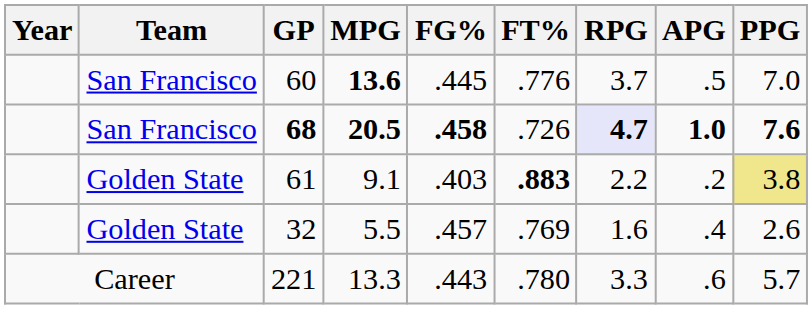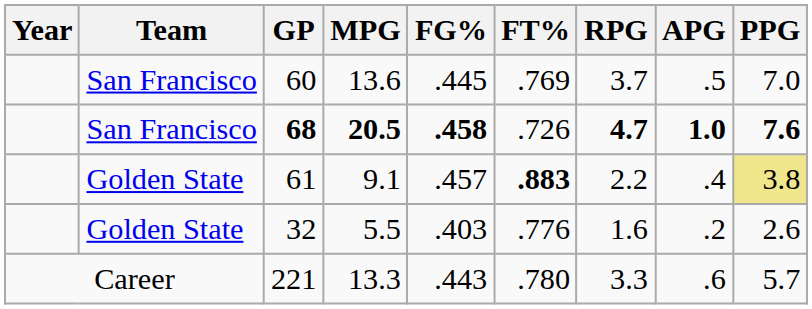 <table class="wikitable sortable" style="font-size:95%; text-align:right;">
 <tr>
 <th>Year</th>
 <th>Team</th>
 <th>GP</th>
 <th>MPG</th>
 <th>FG%</th>
 <th>FT%</th>
 <th>RPG</th>
 <th>APG</th>
 <th>PPG</th>
 </tr>
 <tr>
 <td style="text-align:left;"></td>
 <td style="text-align:left;"><a href='#'>San Francisco</a></td>
 <td>60</td>
-<td><strong>13.6</strong></td>
+<td>13.6</td>
 <td>.445</td>
-<td>.776</td>
+<td>.769</td>
 <td>3.7</td>
 <td>.5</td>
 <td>7.0</td>
 </tr>
 <tr>
 <td style="text-align:left;"></td>
 <td style="text-align:left;"><a href='#'>San Francisco</a></td>
 <td><strong>68</strong></td>
 <td><strong>20.5</strong></td>
 <td><strong>.458</strong></td>
 <td>.726</td>
-<td style="background: lavender;"><strong>4.7</strong></td>
+<td><strong>4.7</strong></td>
 <td><strong>1.0</strong></td>
 <td><strong>7.6</strong></td>
 </tr>
 <tr>
 <td style="text-align:left;"></td>
 <td style="text-align:left;"><a href='#'>Golden State</a></td>
 <td>61</td>
 <td>9.1</td>
-<td>.403</td>
+<td>.457</td>
 <td><strong>.883</strong></td>
 <td>2.2</td>
-<td>.2</td>
+<td>.4</td>
 <td style="background: khaki;">3.8</td>
 </tr>
 <tr>
 <td style="text-align:left;"></td>
 <td style="text-align:left;"><a href='#'>Golden State</a></td>
 <td>32</td>
 <td>5.5</td>
-<td>.457</td>
-<td>.769</td>
+<td>.403</td>
+<td>.776</td>
 <td>1.6</td>
-<td>.4</td>
+<td>.2</td>
 <td>2.6</td>
 </tr>
 <tr class="sortbottom">
 <td style="text-align:center;" colspan="2">Career</td>
 <td>221</td>
 <td>13.3</td>
 <td>.443</td>
 <td>.780</td>
 <td>3.3</td>
 <td>.6</td>
 <td>5.7</td>
 </tr>
 </table>
